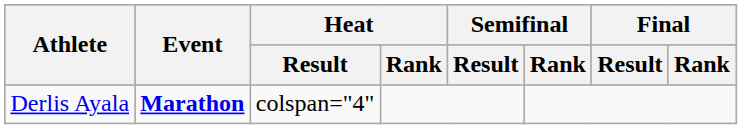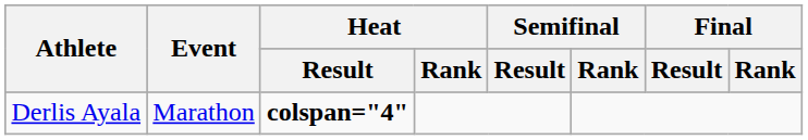 <table class="wikitable" style="font-size:90%">
 <tr>
 <th rowspan="2">Athlete</th>
 <th rowspan="2">Event</th>
 <th colspan="2">Heat</th>
 <th colspan="2">Semifinal</th>
 <th colspan="2">Final</th>
 </tr>
 <tr>
 <th>Result</th>
 <th>Rank</th>
 <th>Result</th>
 <th>Rank</th>
 <th>Result</th>
 <th>Rank</th>
 </tr>
 <tr style=text-align:center>
 <td style=text-align:left><a href='#'>Derlis Ayala</a></td>
-<td style=text-align:left><strong><a href='#'>Marathon</a></strong></td>
-<td>colspan="4" </td>
+<td style=text-align:left><a href='#'>Marathon</a></td>
+<td><strong>colspan="4" </strong></td>
 <td colspan="2"></td>
 </tr>
 </table>
